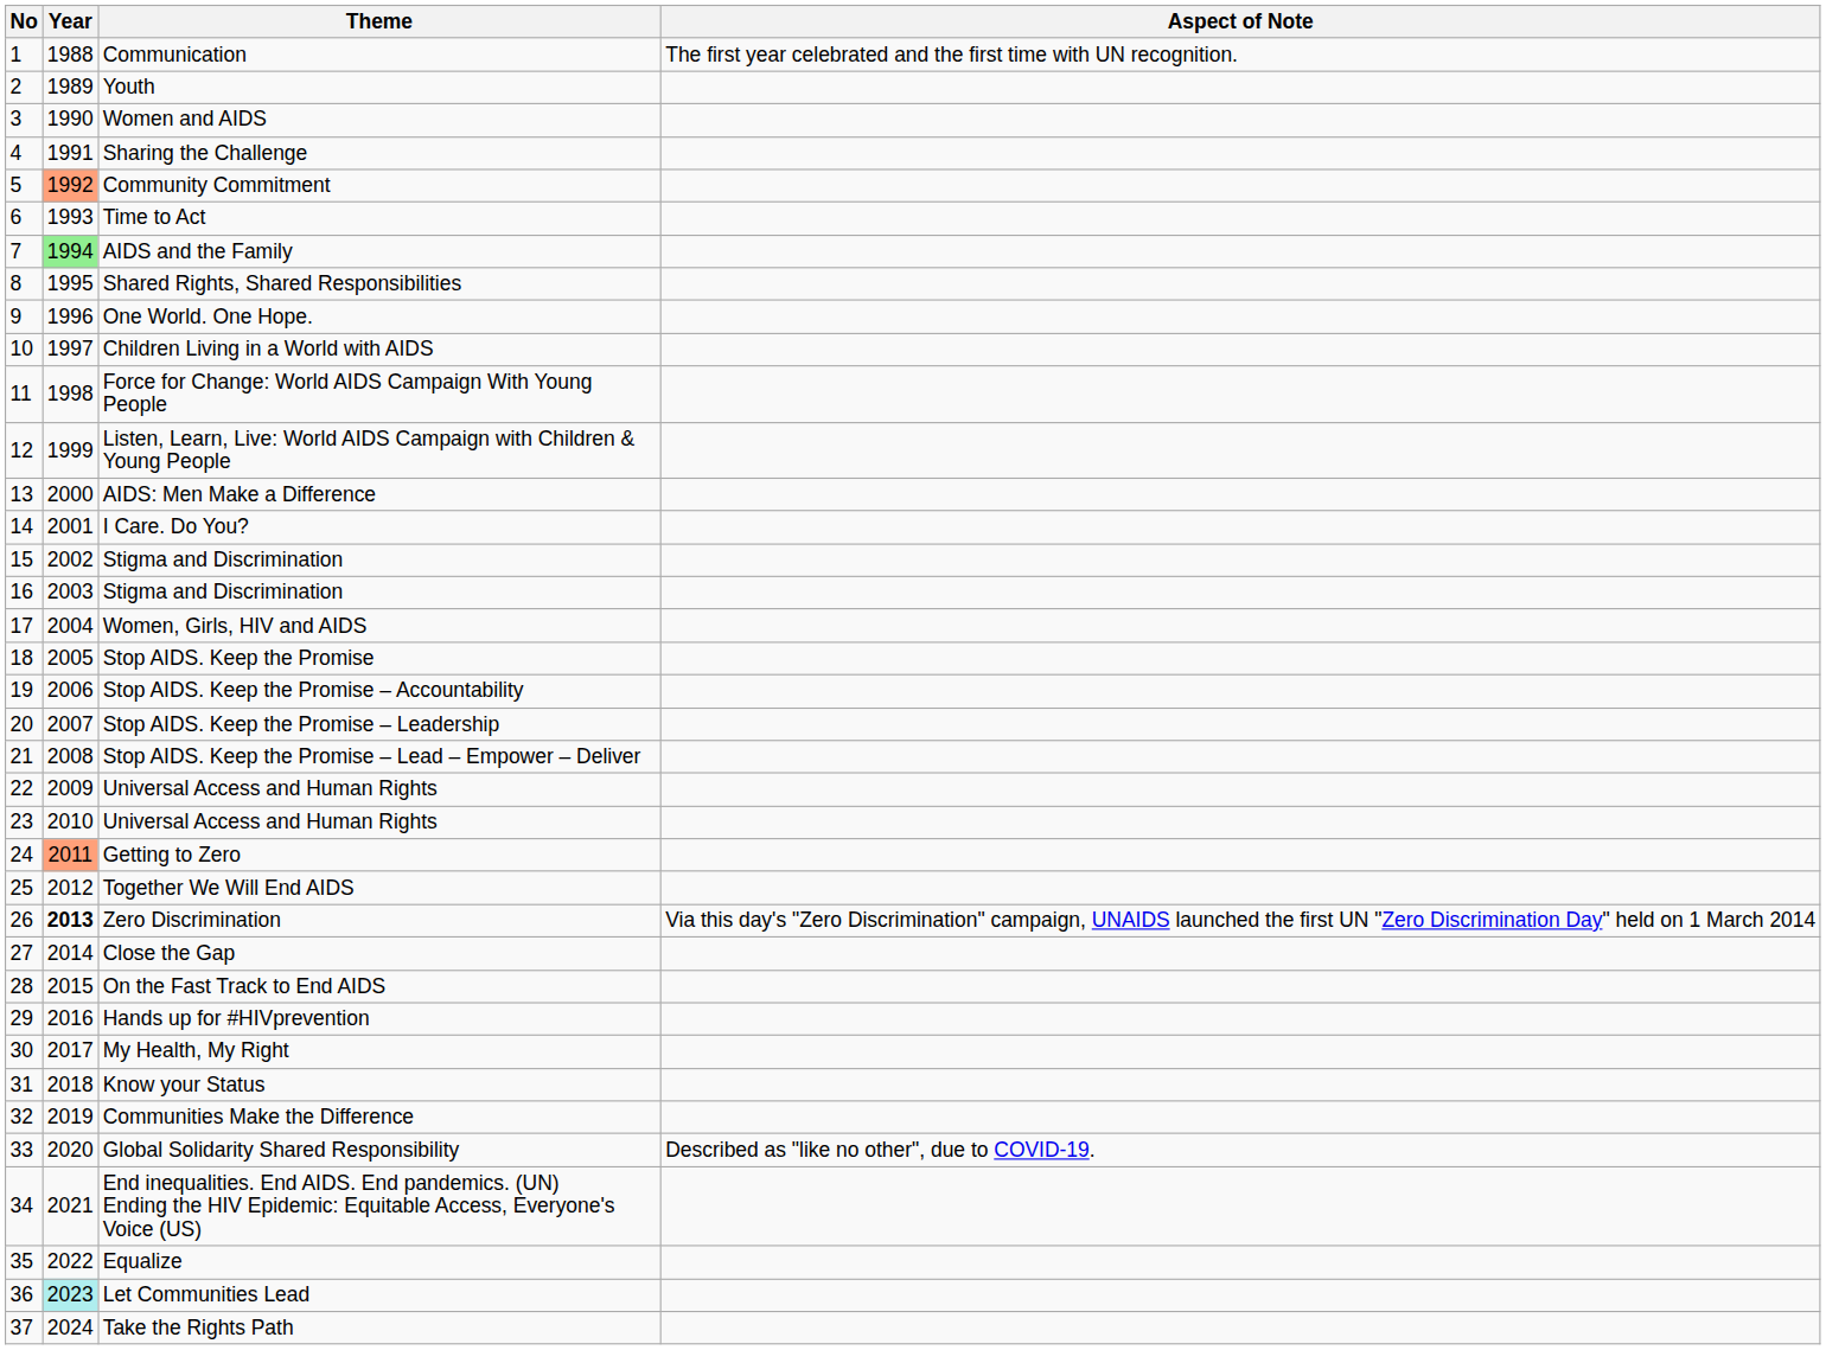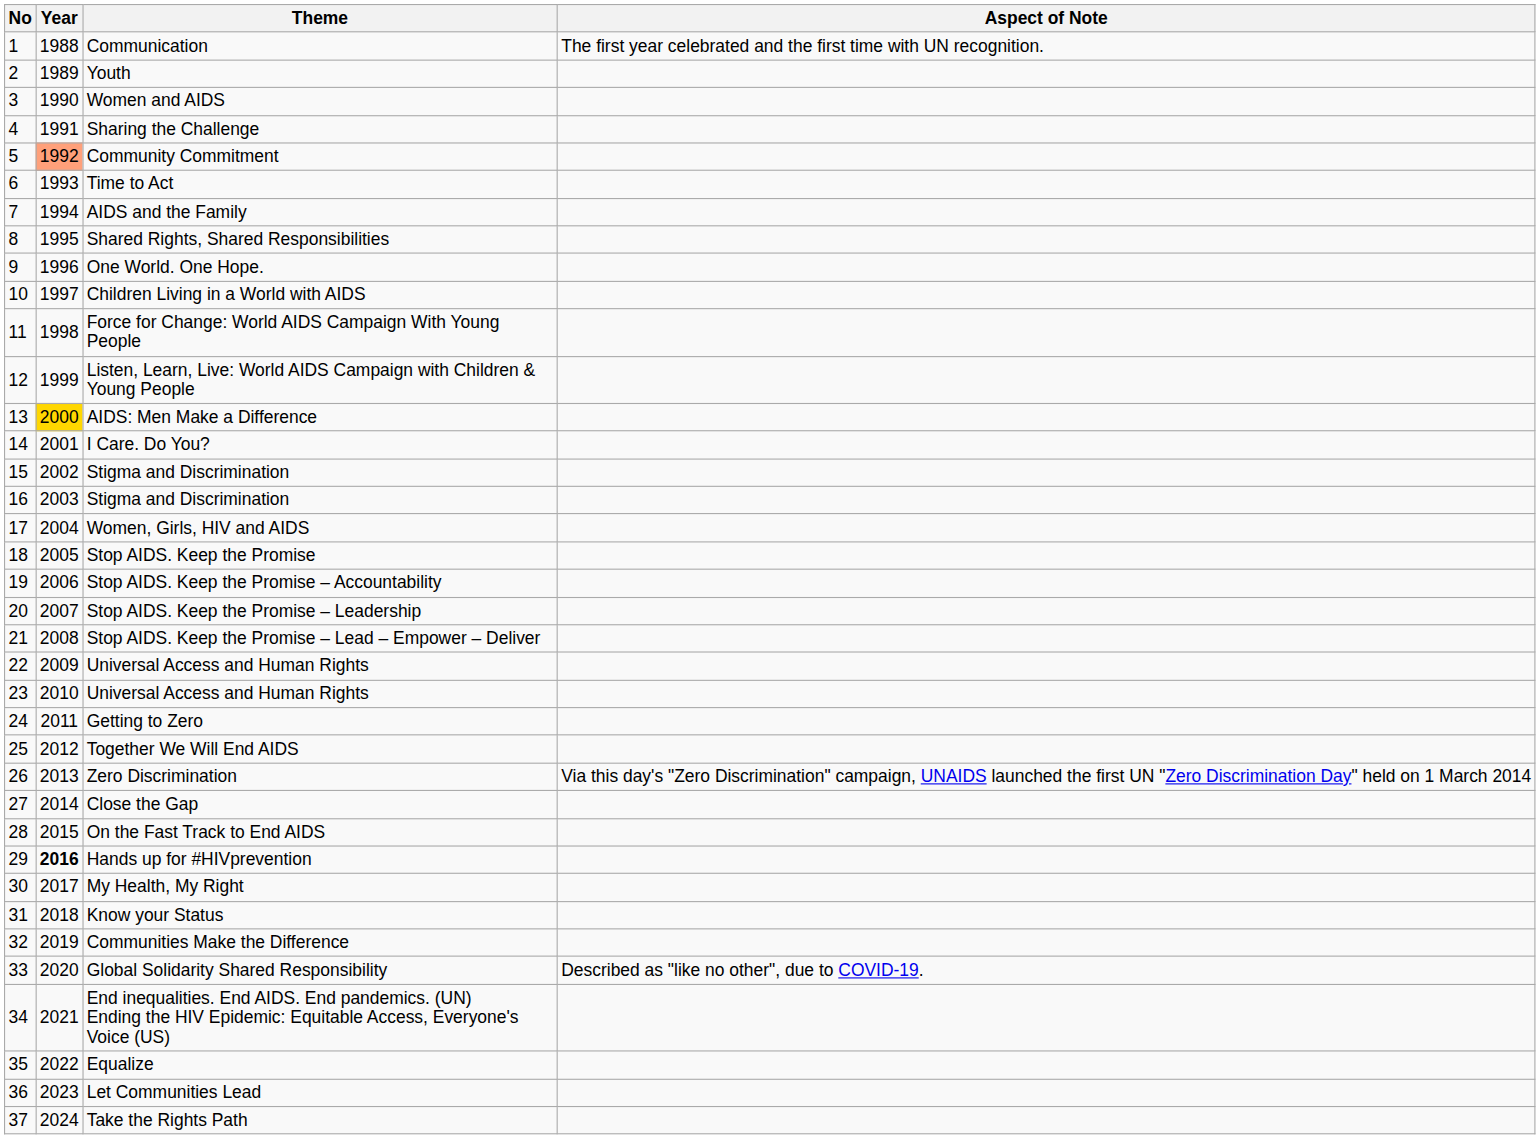 <table class="wikitable">
 <tr>
 <th>No</th>
 <th>Year</th>
 <th>Theme</th>
 <th>Aspect of Note</th>
 </tr>
 <tr>
 <td>1</td>
 <td style="text-align:center;">1988</td>
 <td style="width:428px;">Communication</td>
 <td>The first year celebrated and the first time with UN recognition.</td>
 </tr>
 <tr>
 <td>2</td>
 <td style="text-align:center;">1989</td>
 <td style="width:428px;">Youth</td>
 <td></td>
 </tr>
 <tr>
 <td>3</td>
 <td style="text-align:center;">1990</td>
 <td style="width:428px;">Women and AIDS</td>
 <td></td>
 </tr>
 <tr>
 <td>4</td>
 <td style="text-align:center;">1991</td>
 <td style="width:428px;">Sharing the Challenge</td>
 <td></td>
 </tr>
 <tr>
 <td>5</td>
 <td style="background: lightsalmon; text-align:center;">1992</td>
 <td style="width:428px;">Community Commitment</td>
 <td></td>
 </tr>
 <tr>
 <td>6</td>
 <td style="text-align:center;">1993</td>
 <td style="width:428px;">Time to Act</td>
 <td></td>
 </tr>
 <tr>
 <td>7</td>
-<td style="background: lightgreen; text-align:center;">1994</td>
+<td style="text-align:center;">1994</td>
 <td style="width:428px;">AIDS and the Family</td>
 <td></td>
 </tr>
 <tr>
 <td>8</td>
 <td style="text-align:center;">1995</td>
 <td style="width:428px;">Shared Rights, Shared Responsibilities</td>
 <td></td>
 </tr>
 <tr>
 <td>9</td>
 <td style="text-align:center;">1996</td>
 <td style="width:428px;">One World. One Hope.</td>
 <td></td>
 </tr>
 <tr>
 <td>10</td>
 <td style="text-align:center;">1997</td>
 <td style="width:428px;">Children Living in a World with AIDS</td>
 <td></td>
 </tr>
 <tr>
 <td>11</td>
 <td style="text-align:center;">1998</td>
 <td style="width:428px;">Force for Change: World AIDS Campaign With Young People</td>
 <td></td>
 </tr>
 <tr>
 <td>12</td>
 <td style="text-align:center;">1999</td>
 <td style="width:428px;">Listen, Learn, Live: World AIDS Campaign with Children & Young People</td>
 <td></td>
 </tr>
 <tr>
 <td>13</td>
-<td style="text-align:center;">2000</td>
+<td style="background: gold; text-align:center;">2000</td>
 <td style="width:428px;">AIDS: Men Make a Difference</td>
 <td></td>
 </tr>
 <tr>
 <td>14</td>
 <td style="text-align:center;">2001</td>
 <td style="width:428px;">I Care. Do You?</td>
 <td></td>
 </tr>
 <tr>
 <td>15</td>
 <td style="text-align:center;">2002</td>
 <td style="width:428px;">Stigma and Discrimination</td>
 <td></td>
 </tr>
 <tr>
 <td>16</td>
 <td style="text-align:center;">2003</td>
 <td style="width:428px;">Stigma and Discrimination</td>
 <td></td>
 </tr>
 <tr>
 <td>17</td>
 <td style="text-align:center;">2004</td>
 <td style="width:428px;">Women, Girls, HIV and AIDS</td>
 <td></td>
 </tr>
 <tr>
 <td>18</td>
 <td style="text-align:center;">2005</td>
 <td style="width:428px;">Stop AIDS. Keep the Promise</td>
 <td></td>
 </tr>
 <tr>
 <td>19</td>
 <td style="text-align:center;">2006</td>
 <td style="width:428px;">Stop AIDS. Keep the Promise – Accountability</td>
 <td></td>
 </tr>
 <tr>
 <td>20</td>
 <td style="text-align:center;">2007</td>
 <td style="width:428px;">Stop AIDS. Keep the Promise – Leadership</td>
 <td></td>
 </tr>
 <tr>
 <td>21</td>
 <td style="text-align:center;">2008</td>
 <td style="width:428px;">Stop AIDS. Keep the Promise – Lead – Empower – Deliver</td>
 <td></td>
 </tr>
 <tr>
 <td>22</td>
 <td style="text-align:center;">2009</td>
 <td style="width:428px;">Universal Access and Human Rights</td>
 <td></td>
 </tr>
 <tr>
 <td>23</td>
 <td style="text-align:center;">2010</td>
 <td style="width:428px;">Universal Access and Human Rights</td>
 <td></td>
 </tr>
 <tr>
 <td>24</td>
-<td style="background: lightsalmon; text-align:center;">2011</td>
+<td style="text-align:center;">2011</td>
 <td style="width:428px;">Getting to Zero</td>
 <td></td>
 </tr>
 <tr>
 <td>25</td>
 <td style="text-align:center;">2012</td>
 <td style="width:428px;">Together We Will End AIDS</td>
 <td></td>
 </tr>
 <tr>
 <td>26</td>
-<td style="text-align:center;"><strong>2013</strong></td>
+<td style="text-align:center;">2013</td>
 <td style="width:428px;">Zero Discrimination</td>
 <td>Via this day's "Zero Discrimination" campaign, <a href='#'>UNAIDS</a> launched the first UN "<a href='#'>Zero Discrimination Day</a>" held on 1 March 2014 </td>
 </tr>
 <tr>
 <td>27</td>
 <td style="text-align:center;">2014</td>
 <td style="width:428px;">Close the Gap</td>
 <td></td>
 </tr>
 <tr>
 <td>28</td>
 <td style="text-align:center;">2015</td>
 <td style="width:428px;">On the Fast Track to End AIDS</td>
 <td></td>
 </tr>
 <tr>
 <td>29</td>
-<td style="text-align:center;">2016</td>
+<td style="text-align:center;"><strong>2016</strong></td>
 <td style="width:428px;">Hands up for #HIVprevention</td>
 <td></td>
 </tr>
 <tr>
 <td>30</td>
 <td style="text-align:center;">2017</td>
 <td style="width:428px;">My Health, My Right</td>
 <td></td>
 </tr>
 <tr>
 <td>31</td>
 <td style="text-align:center;">2018</td>
 <td style="width:428px;">Know your Status</td>
 <td></td>
 </tr>
 <tr>
 <td>32</td>
 <td style="text-align:center;">2019</td>
 <td style="width:428px;">Communities Make the Difference</td>
 <td></td>
 </tr>
 <tr>
 <td>33</td>
 <td style="text-align:center;">2020</td>
 <td style="width:428px;">Global Solidarity Shared Responsibility</td>
 <td>Described as "like no other", due to <a href='#'>COVID-19</a>.</td>
 </tr>
 <tr>
 <td>34</td>
 <td style="text-align:center;">2021</td>
 <td style="width=428px;">End inequalities. End AIDS. End pandemics. (UN)<br>Ending the HIV Epidemic: Equitable Access, Everyone's Voice (US)</td>
 <td></td>
 </tr>
 <tr>
 <td>35</td>
 <td style="text-align:center;">2022</td>
 <td style="width=428px;">Equalize</td>
 <td></td>
 </tr>
 <tr>
 <td>36</td>
-<td style="background: paleturquoise; text-align:center;">2023</td>
+<td style="text-align:center;">2023</td>
 <td style="width=428px;">Let Communities Lead</td>
 </tr>
 <tr>
 <td>37</td>
 <td style="text-align:center;">2024</td>
 <td style="width=428px;">Take the Rights Path</td>
 <td></td>
 </tr>
 </table>
